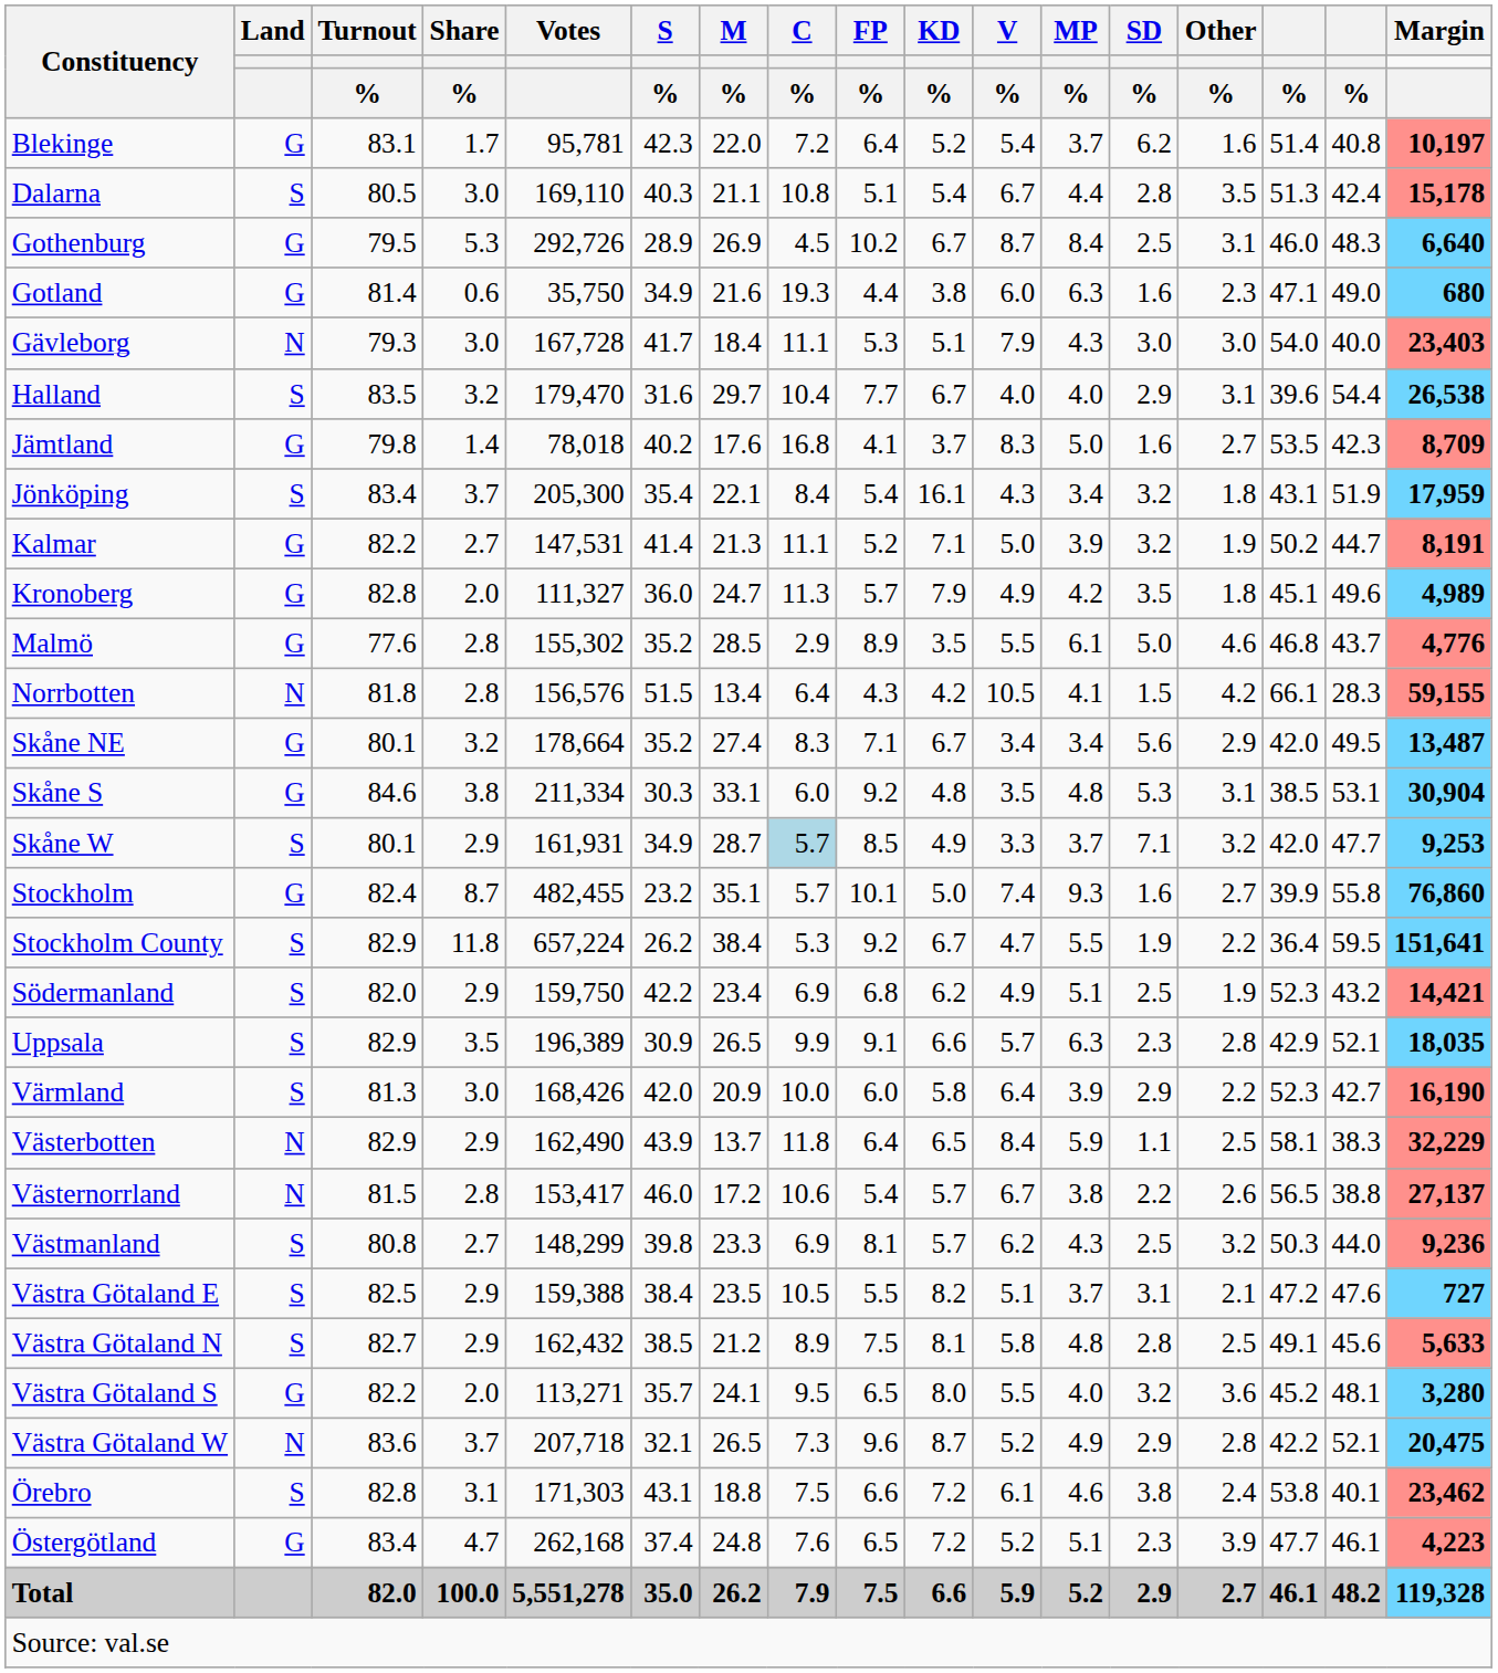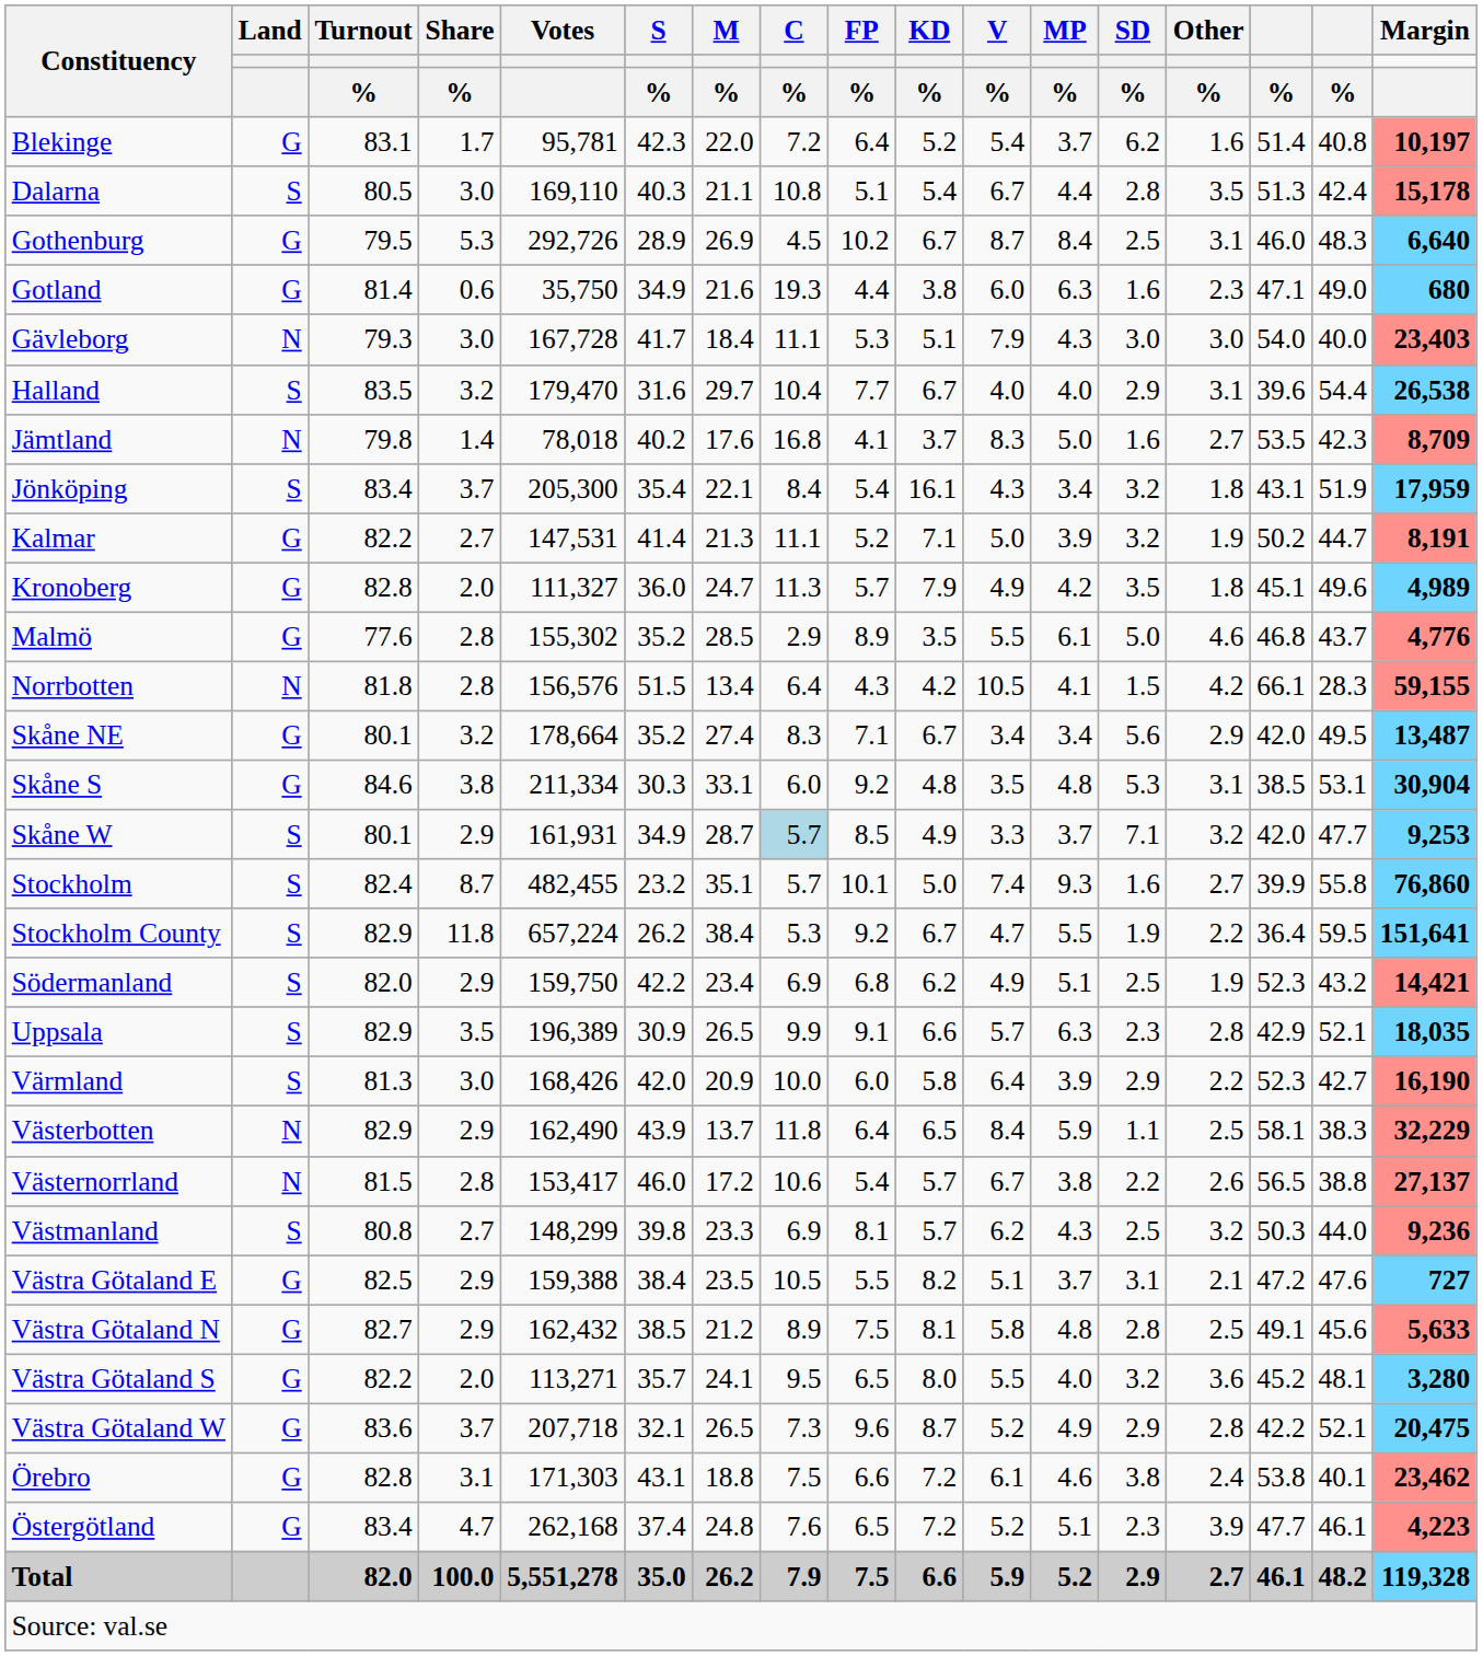 <table class="wikitable sortable" style="text-align:right; font-size:95%; line-height:20px;">
 <tr>
 <th rowspan="3">Constituency</th>
 <th>Land</th>
 <th>Turnout</th>
 <th>Share</th>
 <th>Votes</th>
 <th width="30px" class="unsortable"><a href='#'>S</a></th>
 <th width="30px" class="unsortable"><a href='#'>M</a></th>
 <th width="30px" class="unsortable"><a href='#'>C</a></th>
 <th width="30px" class="unsortable"><a href='#'>FP</a></th>
 <th width="30px" class="unsortable"><a href='#'>KD</a></th>
 <th width="30px" class="unsortable"><a href='#'>V</a></th>
 <th width="30px" class="unsortable"><a href='#'>MP</a></th>
 <th width="30px" class="unsortable"><a href='#'>SD</a></th>
 <th width="30px" class="unsortable">Other</th>
 <th></th>
 <th></th>
 <th>Margin</th>
 </tr>
 <tr>
 <th></th>
 <th></th>
 <th></th>
 <th></th>
 <th style="background:"></th>
 <th style="background:"></th>
 <th style="background:"></th>
 <th style="background:"></th>
 <th style="background:"></th>
 <th style="background:"></th>
 <th style="background:"></th>
 <th style="background:"></th>
 <th style="background:"></th>
 <th style="background:"></th>
 <th style="background:"></th>
 </tr>
 <tr>
 <th></th>
 <th data-sort-type="number">%</th>
 <th data-sort-type="number">%</th>
 <th></th>
 <th data-sort-type="number">%</th>
 <th data-sort-type="number">%</th>
 <th data-sort-type="number">%</th>
 <th data-sort-type="number">%</th>
 <th data-sort-type="number">%</th>
 <th data-sort-type="number">%</th>
 <th data-sort-type="number">%</th>
 <th data-sort-type="number">%</th>
 <th data-sort-type="number">%</th>
 <th data-sort-type="number">%</th>
 <th data-sort-type="number">%</th>
 <th data-sort-type="number"></th>
 </tr>
 <tr>
 <td align=left><a href='#'>Blekinge</a></td>
 <td><a href='#'>G</a></td>
 <td>83.1</td>
 <td>1.7</td>
 <td>95,781</td>
 <td>42.3</td>
 <td>22.0</td>
 <td>7.2</td>
 <td>6.4</td>
 <td>5.2</td>
 <td>5.4</td>
 <td>3.7</td>
 <td>6.2</td>
 <td>1.6</td>
 <td>51.4</td>
 <td>40.8</td>
 <td bgcolor=#ff908c><strong>10,197</strong></td>
 </tr>
 <tr>
 <td align=left><a href='#'>Dalarna</a></td>
 <td><a href='#'>S</a></td>
 <td>80.5</td>
 <td>3.0</td>
 <td>169,110</td>
 <td>40.3</td>
 <td>21.1</td>
 <td>10.8</td>
 <td>5.1</td>
 <td>5.4</td>
 <td>6.7</td>
 <td>4.4</td>
 <td>2.8</td>
 <td>3.5</td>
 <td>51.3</td>
 <td>42.4</td>
 <td bgcolor=#ff908c><strong>15,178</strong></td>
 </tr>
 <tr>
 <td align=left><a href='#'>Gothenburg</a></td>
 <td><a href='#'>G</a></td>
 <td>79.5</td>
 <td>5.3</td>
 <td>292,726</td>
 <td>28.9</td>
 <td>26.9</td>
 <td>4.5</td>
 <td>10.2</td>
 <td>6.7</td>
 <td>8.7</td>
 <td>8.4</td>
 <td>2.5</td>
 <td>3.1</td>
 <td>46.0</td>
 <td>48.3</td>
 <td bgcolor=#6fd5fe><strong>6,640</strong></td>
 </tr>
 <tr>
 <td align=left><a href='#'>Gotland</a></td>
 <td><a href='#'>G</a></td>
 <td>81.4</td>
 <td>0.6</td>
 <td>35,750</td>
 <td>34.9</td>
 <td>21.6</td>
 <td>19.3</td>
 <td>4.4</td>
 <td>3.8</td>
 <td>6.0</td>
 <td>6.3</td>
 <td>1.6</td>
 <td>2.3</td>
 <td>47.1</td>
 <td>49.0</td>
 <td bgcolor=#6fd5fe><strong>680</strong></td>
 </tr>
 <tr>
 <td align=left><a href='#'>Gävleborg</a></td>
 <td><a href='#'>N</a></td>
 <td>79.3</td>
 <td>3.0</td>
 <td>167,728</td>
 <td>41.7</td>
 <td>18.4</td>
 <td>11.1</td>
 <td>5.3</td>
 <td>5.1</td>
 <td>7.9</td>
 <td>4.3</td>
 <td>3.0</td>
 <td>3.0</td>
 <td>54.0</td>
 <td>40.0</td>
 <td bgcolor=#ff908c><strong>23,403</strong></td>
 </tr>
 <tr>
 <td align=left><a href='#'>Halland</a></td>
 <td><a href='#'>S</a></td>
 <td>83.5</td>
 <td>3.2</td>
 <td>179,470</td>
 <td>31.6</td>
 <td>29.7</td>
 <td>10.4</td>
 <td>7.7</td>
 <td>6.7</td>
 <td>4.0</td>
 <td>4.0</td>
 <td>2.9</td>
 <td>3.1</td>
 <td>39.6</td>
 <td>54.4</td>
 <td bgcolor=#6fd5fe><strong>26,538</strong></td>
 </tr>
 <tr>
 <td align=left><a href='#'>Jämtland</a></td>
-<td><a href='#'>G</a></td>
+<td><a href='#'>N</a></td>
 <td>79.8</td>
 <td>1.4</td>
 <td>78,018</td>
 <td>40.2</td>
 <td>17.6</td>
 <td>16.8</td>
 <td>4.1</td>
 <td>3.7</td>
 <td>8.3</td>
 <td>5.0</td>
 <td>1.6</td>
 <td>2.7</td>
 <td>53.5</td>
 <td>42.3</td>
 <td bgcolor=#ff908c><strong>8,709</strong></td>
 </tr>
 <tr>
 <td align=left><a href='#'>Jönköping</a></td>
 <td><a href='#'>S</a></td>
 <td>83.4</td>
 <td>3.7</td>
 <td>205,300</td>
 <td>35.4</td>
 <td>22.1</td>
 <td>8.4</td>
 <td>5.4</td>
 <td>16.1</td>
 <td>4.3</td>
 <td>3.4</td>
 <td>3.2</td>
 <td>1.8</td>
 <td>43.1</td>
 <td>51.9</td>
 <td bgcolor=#6fd5fe><strong>17,959</strong></td>
 </tr>
 <tr>
 <td align=left><a href='#'>Kalmar</a></td>
 <td><a href='#'>G</a></td>
 <td>82.2</td>
 <td>2.7</td>
 <td>147,531</td>
 <td>41.4</td>
 <td>21.3</td>
 <td>11.1</td>
 <td>5.2</td>
 <td>7.1</td>
 <td>5.0</td>
 <td>3.9</td>
 <td>3.2</td>
 <td>1.9</td>
 <td>50.2</td>
 <td>44.7</td>
 <td bgcolor=#ff908c><strong>8,191</strong></td>
 </tr>
 <tr>
 <td align=left><a href='#'>Kronoberg</a></td>
 <td><a href='#'>G</a></td>
 <td>82.8</td>
 <td>2.0</td>
 <td>111,327</td>
 <td>36.0</td>
 <td>24.7</td>
 <td>11.3</td>
 <td>5.7</td>
 <td>7.9</td>
 <td>4.9</td>
 <td>4.2</td>
 <td>3.5</td>
 <td>1.8</td>
 <td>45.1</td>
 <td>49.6</td>
 <td bgcolor=#6fd5fe><strong>4,989</strong></td>
 </tr>
 <tr>
 <td align=left><a href='#'>Malmö</a></td>
 <td><a href='#'>G</a></td>
 <td>77.6</td>
 <td>2.8</td>
 <td>155,302</td>
 <td>35.2</td>
 <td>28.5</td>
 <td>2.9</td>
 <td>8.9</td>
 <td>3.5</td>
 <td>5.5</td>
 <td>6.1</td>
 <td>5.0</td>
 <td>4.6</td>
 <td>46.8</td>
 <td>43.7</td>
 <td bgcolor=#ff908c><strong>4,776</strong></td>
 </tr>
 <tr>
 <td align=left><a href='#'>Norrbotten</a></td>
 <td><a href='#'>N</a></td>
 <td>81.8</td>
 <td>2.8</td>
 <td>156,576</td>
 <td>51.5</td>
 <td>13.4</td>
 <td>6.4</td>
 <td>4.3</td>
 <td>4.2</td>
 <td>10.5</td>
 <td>4.1</td>
 <td>1.5</td>
 <td>4.2</td>
 <td>66.1</td>
 <td>28.3</td>
 <td bgcolor=#ff908c><strong>59,155</strong></td>
 </tr>
 <tr>
 <td align=left><a href='#'>Skåne NE</a></td>
 <td><a href='#'>G</a></td>
 <td>80.1</td>
 <td>3.2</td>
 <td>178,664</td>
 <td>35.2</td>
 <td>27.4</td>
 <td>8.3</td>
 <td>7.1</td>
 <td>6.7</td>
 <td>3.4</td>
 <td>3.4</td>
 <td>5.6</td>
 <td>2.9</td>
 <td>42.0</td>
 <td>49.5</td>
 <td bgcolor=#6fd5fe><strong>13,487</strong></td>
 </tr>
 <tr>
 <td align=left><a href='#'>Skåne S</a></td>
 <td><a href='#'>G</a></td>
 <td>84.6</td>
 <td>3.8</td>
 <td>211,334</td>
 <td>30.3</td>
 <td>33.1</td>
 <td>6.0</td>
 <td>9.2</td>
 <td>4.8</td>
 <td>3.5</td>
 <td>4.8</td>
 <td>5.3</td>
 <td>3.1</td>
 <td>38.5</td>
 <td>53.1</td>
 <td bgcolor=#6fd5fe><strong>30,904</strong></td>
 </tr>
 <tr>
 <td align=left><a href='#'>Skåne W</a></td>
 <td><a href='#'>S</a></td>
 <td>80.1</td>
 <td>2.9</td>
 <td>161,931</td>
 <td>34.9</td>
 <td>28.7</td>
 <td style="background: lightblue;">5.7</td>
 <td>8.5</td>
 <td>4.9</td>
 <td>3.3</td>
 <td>3.7</td>
 <td>7.1</td>
 <td>3.2</td>
 <td>42.0</td>
 <td>47.7</td>
 <td bgcolor=#6fd5fe><strong>9,253</strong></td>
 </tr>
 <tr>
 <td align=left><a href='#'>Stockholm</a></td>
-<td><a href='#'>G</a></td>
+<td><a href='#'>S</a></td>
 <td>82.4</td>
 <td>8.7</td>
 <td>482,455</td>
 <td>23.2</td>
 <td>35.1</td>
 <td>5.7</td>
 <td>10.1</td>
 <td>5.0</td>
 <td>7.4</td>
 <td>9.3</td>
 <td>1.6</td>
 <td>2.7</td>
 <td>39.9</td>
 <td>55.8</td>
 <td bgcolor=#6fd5fe><strong>76,860</strong></td>
 </tr>
 <tr>
 <td align=left><a href='#'>Stockholm County</a></td>
 <td><a href='#'>S</a></td>
 <td>82.9</td>
 <td>11.8</td>
 <td>657,224</td>
 <td>26.2</td>
 <td>38.4</td>
 <td>5.3</td>
 <td>9.2</td>
 <td>6.7</td>
 <td>4.7</td>
 <td>5.5</td>
 <td>1.9</td>
 <td>2.2</td>
 <td>36.4</td>
 <td>59.5</td>
 <td bgcolor=#6fd5fe><strong>151,641</strong></td>
 </tr>
 <tr>
 <td align=left><a href='#'>Södermanland</a></td>
 <td><a href='#'>S</a></td>
 <td>82.0</td>
 <td>2.9</td>
 <td>159,750</td>
 <td>42.2</td>
 <td>23.4</td>
 <td>6.9</td>
 <td>6.8</td>
 <td>6.2</td>
 <td>4.9</td>
 <td>5.1</td>
 <td>2.5</td>
 <td>1.9</td>
 <td>52.3</td>
 <td>43.2</td>
 <td bgcolor=#ff908c><strong>14,421</strong></td>
 </tr>
 <tr>
 <td align=left><a href='#'>Uppsala</a></td>
 <td><a href='#'>S</a></td>
 <td>82.9</td>
 <td>3.5</td>
 <td>196,389</td>
 <td>30.9</td>
 <td>26.5</td>
 <td>9.9</td>
 <td>9.1</td>
 <td>6.6</td>
 <td>5.7</td>
 <td>6.3</td>
 <td>2.3</td>
 <td>2.8</td>
 <td>42.9</td>
 <td>52.1</td>
 <td bgcolor=#6fd5fe><strong>18,035</strong></td>
 </tr>
 <tr>
 <td align=left><a href='#'>Värmland</a></td>
 <td><a href='#'>S</a></td>
 <td>81.3</td>
 <td>3.0</td>
 <td>168,426</td>
 <td>42.0</td>
 <td>20.9</td>
 <td>10.0</td>
 <td>6.0</td>
 <td>5.8</td>
 <td>6.4</td>
 <td>3.9</td>
 <td>2.9</td>
 <td>2.2</td>
 <td>52.3</td>
 <td>42.7</td>
 <td bgcolor=#ff908c><strong>16,190</strong></td>
 </tr>
 <tr>
 <td align=left><a href='#'>Västerbotten</a></td>
 <td><a href='#'>N</a></td>
 <td>82.9</td>
 <td>2.9</td>
 <td>162,490</td>
 <td>43.9</td>
 <td>13.7</td>
 <td>11.8</td>
 <td>6.4</td>
 <td>6.5</td>
 <td>8.4</td>
 <td>5.9</td>
 <td>1.1</td>
 <td>2.5</td>
 <td>58.1</td>
 <td>38.3</td>
 <td bgcolor=#ff908c><strong>32,229</strong></td>
 </tr>
 <tr>
 <td align=left><a href='#'>Västernorrland</a></td>
 <td><a href='#'>N</a></td>
 <td>81.5</td>
 <td>2.8</td>
 <td>153,417</td>
 <td>46.0</td>
 <td>17.2</td>
 <td>10.6</td>
 <td>5.4</td>
 <td>5.7</td>
 <td>6.7</td>
 <td>3.8</td>
 <td>2.2</td>
 <td>2.6</td>
 <td>56.5</td>
 <td>38.8</td>
 <td bgcolor=#ff908c><strong>27,137</strong></td>
 </tr>
 <tr>
 <td align=left><a href='#'>Västmanland</a></td>
 <td><a href='#'>S</a></td>
 <td>80.8</td>
 <td>2.7</td>
 <td>148,299</td>
 <td>39.8</td>
 <td>23.3</td>
 <td>6.9</td>
 <td>8.1</td>
 <td>5.7</td>
 <td>6.2</td>
 <td>4.3</td>
 <td>2.5</td>
 <td>3.2</td>
 <td>50.3</td>
 <td>44.0</td>
 <td bgcolor=#ff908c><strong>9,236</strong></td>
 </tr>
 <tr>
 <td align=left><a href='#'>Västra Götaland E</a></td>
-<td><a href='#'>S</a></td>
+<td><a href='#'>G</a></td>
 <td>82.5</td>
 <td>2.9</td>
 <td>159,388</td>
 <td>38.4</td>
 <td>23.5</td>
 <td>10.5</td>
 <td>5.5</td>
 <td>8.2</td>
 <td>5.1</td>
 <td>3.7</td>
 <td>3.1</td>
 <td>2.1</td>
 <td>47.2</td>
 <td>47.6</td>
 <td bgcolor=#6fd5fe><strong>727</strong></td>
 </tr>
 <tr>
 <td align=left><a href='#'>Västra Götaland N</a></td>
-<td><a href='#'>S</a></td>
+<td><a href='#'>G</a></td>
 <td>82.7</td>
 <td>2.9</td>
 <td>162,432</td>
 <td>38.5</td>
 <td>21.2</td>
 <td>8.9</td>
 <td>7.5</td>
 <td>8.1</td>
 <td>5.8</td>
 <td>4.8</td>
 <td>2.8</td>
 <td>2.5</td>
 <td>49.1</td>
 <td>45.6</td>
 <td bgcolor=#ff908c><strong>5,633</strong></td>
 </tr>
 <tr>
 <td align=left><a href='#'>Västra Götaland S</a></td>
 <td><a href='#'>G</a></td>
 <td>82.2</td>
 <td>2.0</td>
 <td>113,271</td>
 <td>35.7</td>
 <td>24.1</td>
 <td>9.5</td>
 <td>6.5</td>
 <td>8.0</td>
 <td>5.5</td>
 <td>4.0</td>
 <td>3.2</td>
 <td>3.6</td>
 <td>45.2</td>
 <td>48.1</td>
 <td bgcolor=#6fd5fe><strong>3,280</strong></td>
 </tr>
 <tr>
 <td align=left><a href='#'>Västra Götaland W</a></td>
-<td><a href='#'>N</a></td>
+<td><a href='#'>G</a></td>
 <td>83.6</td>
 <td>3.7</td>
 <td>207,718</td>
 <td>32.1</td>
 <td>26.5</td>
 <td>7.3</td>
 <td>9.6</td>
 <td>8.7</td>
 <td>5.2</td>
 <td>4.9</td>
 <td>2.9</td>
 <td>2.8</td>
 <td>42.2</td>
 <td>52.1</td>
 <td bgcolor=#6fd5fe><strong>20,475</strong></td>
 </tr>
 <tr>
 <td align=left><a href='#'>Örebro</a></td>
-<td><a href='#'>S</a></td>
+<td><a href='#'>G</a></td>
 <td>82.8</td>
 <td>3.1</td>
 <td>171,303</td>
 <td>43.1</td>
 <td>18.8</td>
 <td>7.5</td>
 <td>6.6</td>
 <td>7.2</td>
 <td>6.1</td>
 <td>4.6</td>
 <td>3.8</td>
 <td>2.4</td>
 <td>53.8</td>
 <td>40.1</td>
 <td bgcolor=#ff908c><strong>23,462</strong></td>
 </tr>
 <tr>
 <td align=left><a href='#'>Östergötland</a></td>
 <td><a href='#'>G</a></td>
 <td>83.4</td>
 <td>4.7</td>
 <td>262,168</td>
 <td>37.4</td>
 <td>24.8</td>
 <td>7.6</td>
 <td>6.5</td>
 <td>7.2</td>
 <td>5.2</td>
 <td>5.1</td>
 <td>2.3</td>
 <td>3.9</td>
 <td>47.7</td>
 <td>46.1</td>
 <td bgcolor=#ff908c><strong>4,223</strong></td>
 </tr>
 <tr>
 </tr>
 <tr style="background:#CDCDCD;">
 <td align=left><strong>Total</strong></td>
 <td></td>
 <td><strong>82.0</strong></td>
 <td><strong>100.0</strong></td>
 <td><strong>5,551,278</strong></td>
 <td><strong>35.0</strong></td>
 <td><strong>26.2</strong></td>
 <td><strong>7.9</strong></td>
 <td><strong>7.5</strong></td>
 <td><strong>6.6</strong></td>
 <td><strong>5.9</strong></td>
 <td><strong>5.2</strong></td>
 <td><strong>2.9</strong></td>
 <td><strong>2.7</strong></td>
 <td><strong>46.1</strong></td>
 <td><strong>48.2</strong></td>
 <td bgcolor=#6fd5fe><strong>119,328</strong></td>
 </tr>
 <tr>
 <td align=left colspan=17>Source: val.se </td>
 </tr>
 </table>
